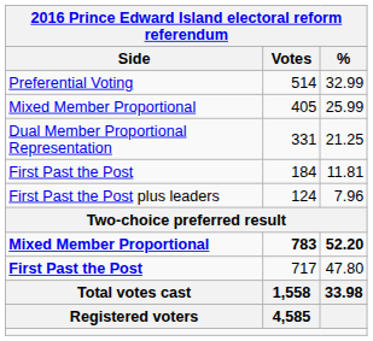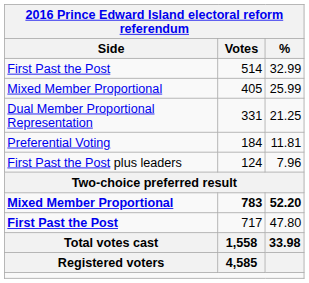 <table class="wikitable" style="font-size: 95%; clear:both">
 <tr style="background-color:#E9E9E9">
 <th colspan=4><a href='#'>2016 Prince Edward Island electoral reform referendum</a></th>
 </tr>
 <tr style="background-color:#E9E9E9">
 <th style="width: 250px">Side</th>
 <th style="width: 50px">Votes</th>
 <th style="width: 40px">%</th>
 </tr>
 <tr>
-<td><a href='#'>Preferential Voting</a></td>
+<td><a href='#'>First Past the Post</a></td>
 <td align="right">514</td>
 <td align="right">32.99</td>
 </tr>
 <tr>
 <td><a href='#'>Mixed Member Proportional</a></td>
 <td align="right">405</td>
 <td align="right">25.99</td>
 </tr>
 <tr>
 <td><a href='#'>Dual Member Proportional Representation</a></td>
 <td align="right">331</td>
 <td align="right">21.25</td>
 </tr>
 <tr>
-<td><a href='#'>First Past the Post</a></td>
+<td><a href='#'>Preferential Voting</a></td>
 <td align="right">184</td>
 <td align="right">11.81</td>
 </tr>
 <tr>
 <td><a href='#'>First Past the Post</a> plus leaders</td>
 <td align="right">124</td>
 <td align="right">7.96</td>
 </tr>
 <tr style="background-color:#E9E9E9">
 <th colspan=4 align="left">Two-choice preferred result</th>
 </tr>
 <tr>
 <td><strong><a href='#'>Mixed Member Proportional</a></strong></td>
 <td align="right"><strong>783</strong></td>
 <td align="right"><strong>52.20</strong></td>
 </tr>
 <tr>
 <td><strong><a href='#'>First Past the Post</a></strong></td>
 <td align="right">717</td>
 <td align="right">47.80</td>
 </tr>
 <tr bgcolor="white">
 <th align="center">Total votes cast</th>
 <th align="right">1,558</th>
 <th align="right">33.98</th>
 </tr>
 <tr bgcolor="white">
 <th align="center">Registered voters</th>
 <th align="right">4,585</th>
 <th align="right"></th>
 </tr>
 <tr>
 <td colspan=4 style="border-top:1px solid darkgray;"></td>
 </tr>
 </table>
